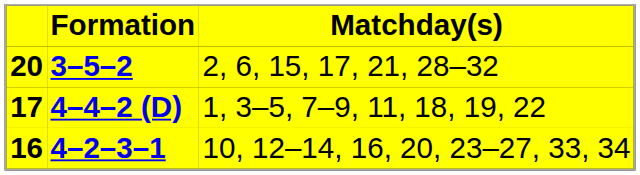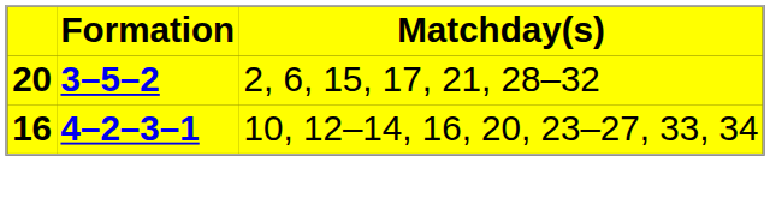 <table class="toccolours" border="0" cellpadding="2" cellspacing="0" align="center" style="margin: 0.5em 0 1em 1em; background: #000000; border: 1px #aaaaaa solid;">
 <tr bgcolor=#FFFF00>
 <th></th>
 <th>Formation</th>
 <th>Matchday(s)</th>
 </tr>
 <tr bgcolor=#FFFF00>
 <td><strong>20</strong></td>
 <td><a href='#'><span><strong>3–5–2</strong></span></a></td>
 <td>2, 6, 15, 17, 21, 28–32</td>
 </tr>
 <tr bgcolor=#FFFF00>
-<td><strong>17</strong></td>
-<td><a href='#'><span><strong>4–4–2 (D)</strong></span></a></td>
-<td>1, 3–5, 7–9, 11, 18, 19, 22</td>
-</tr>
-<tr bgcolor=#FFFF00>
 <td><strong>16</strong></td>
 <td><a href='#'><span><strong>4–2–3–1</strong></span></a></td>
 <td>10, 12–14, 16, 20, 23–27, 33, 34</td>
 </tr>
 </table>
